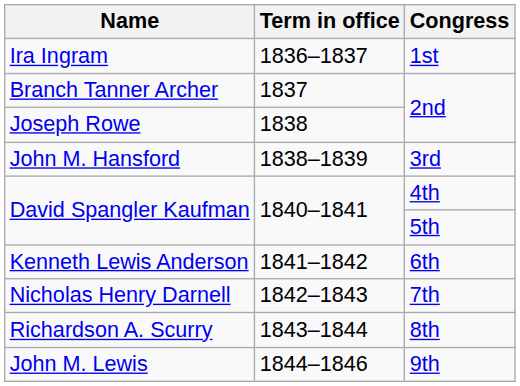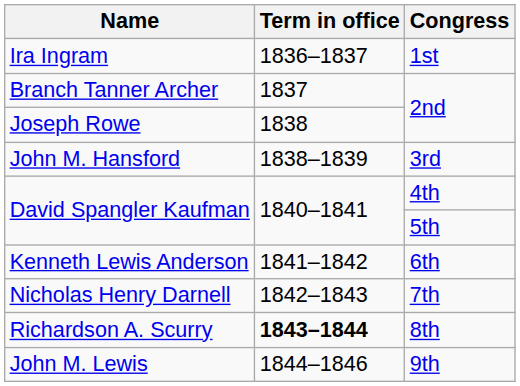 <table class="wikitable">
 <tr>
 <th>Name</th>
 <th>Term in office</th>
 <th>Congress</th>
 </tr>
 <tr>
 <td><a href='#'>Ira Ingram</a></td>
 <td>1836–1837</td>
 <td><a href='#'>1st</a></td>
 </tr>
 <tr>
 <td><a href='#'>Branch Tanner Archer</a></td>
 <td>1837</td>
 <td rowspan = 2><a href='#'>2nd</a></td>
 </tr>
 <tr>
 <td><a href='#'>Joseph Rowe</a></td>
 <td>1838</td>
 </tr>
 <tr>
 <td><a href='#'>John M. Hansford</a></td>
 <td>1838–1839</td>
 <td><a href='#'>3rd</a></td>
 </tr>
 <tr>
 <td rowspan = 2><a href='#'>David Spangler Kaufman</a></td>
 <td rowspan = 2>1840–1841</td>
 <td><a href='#'>4th</a></td>
 </tr>
 <tr>
 <td><a href='#'>5th</a></td>
 </tr>
 <tr>
 <td><a href='#'>Kenneth Lewis Anderson</a></td>
 <td>1841–1842</td>
 <td><a href='#'>6th</a></td>
 </tr>
 <tr>
 <td><a href='#'>Nicholas Henry Darnell</a></td>
 <td>1842–1843</td>
 <td><a href='#'>7th</a></td>
 </tr>
 <tr>
 <td><a href='#'>Richardson A. Scurry</a></td>
-<td>1843–1844</td>
+<td><strong>1843–1844</strong></td>
 <td><a href='#'>8th</a></td>
 </tr>
 <tr>
 <td><a href='#'>John M. Lewis</a></td>
 <td>1844–1846</td>
 <td><a href='#'>9th</a></td>
 </tr>
 </table>
